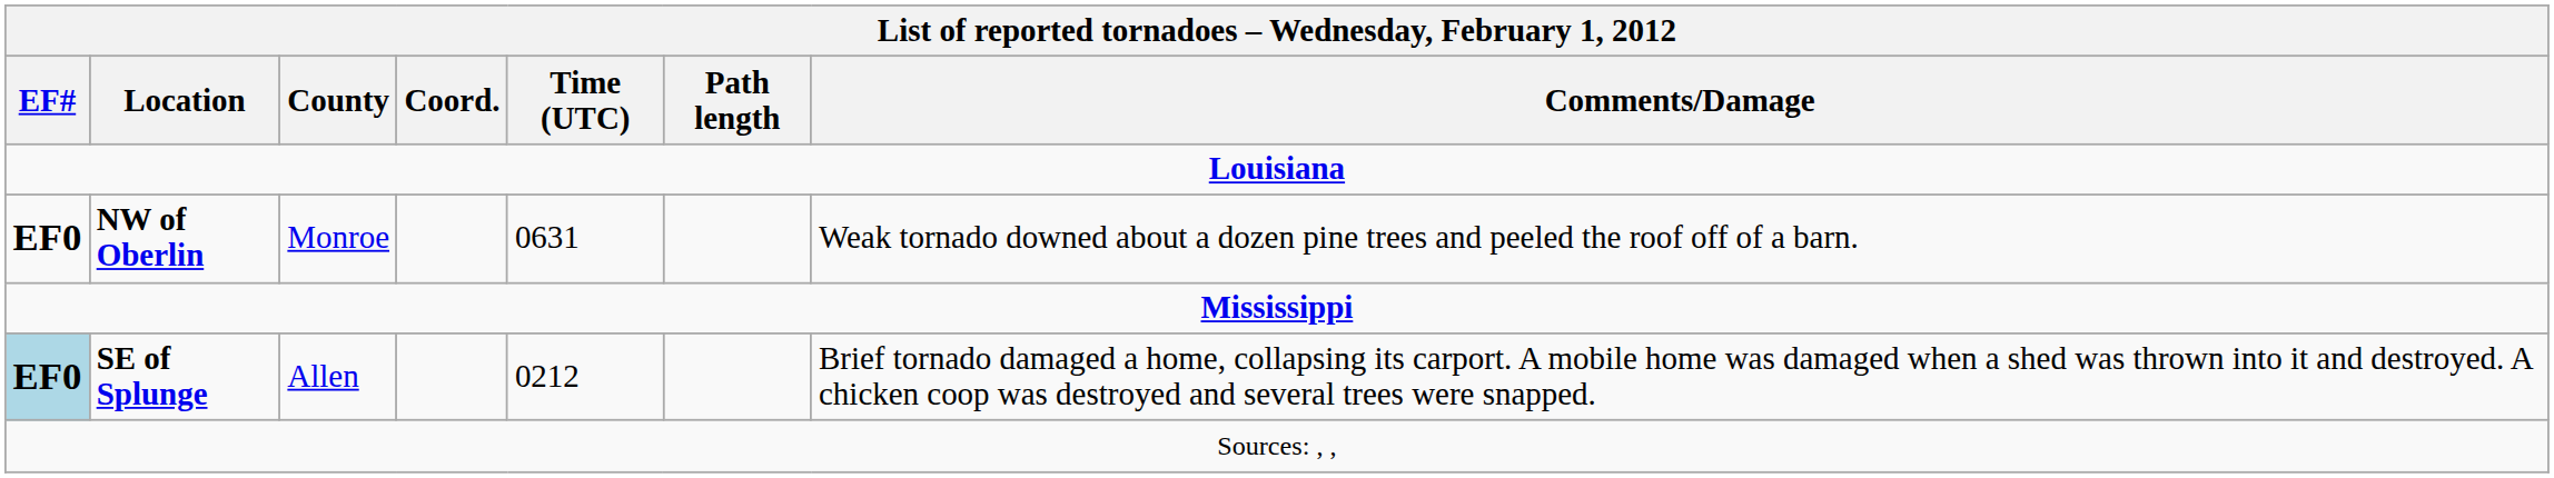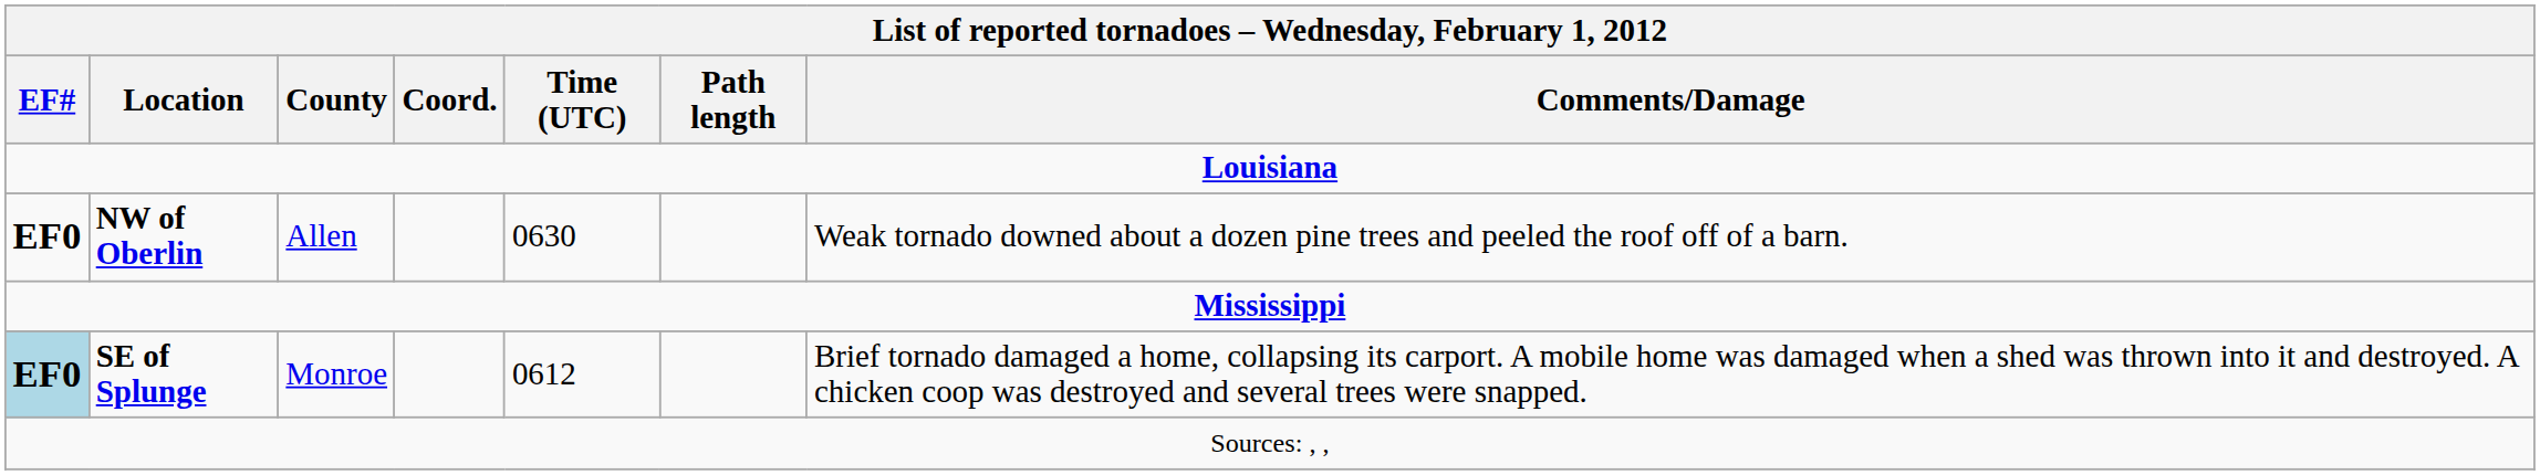 <table class="wikitable collapsible" style="width:100%;">
 <tr>
 <th colspan="7">List of reported tornadoes – Wednesday, February 1, 2012</th>
 </tr>
 <tr>
 <th><a href='#'>EF#</a></th>
 <th>Location</th>
 <th>County</th>
 <th>Coord.</th>
 <th>Time (UTC)</th>
 <th>Path length</th>
 <th>Comments/Damage</th>
 </tr>
 <tr>
 <td colspan="7" style="text-align:center;"><strong><a href='#'>Louisiana</a></strong></td>
 </tr>
 <tr>
 <td><big><strong>EF0</strong></big></td>
 <td><strong>NW of <a href='#'>Oberlin</a></strong></td>
-<td><a href='#'>Monroe</a></td>
+<td><a href='#'>Allen</a></td>
 <td></td>
-<td>0631</td>
+<td>0630</td>
 <td></td>
 <td>Weak tornado downed about a dozen pine trees and peeled the roof off of a barn.</td>
 </tr>
 <tr>
 <td colspan="7" style="text-align:center;"><strong><a href='#'>Mississippi</a></strong></td>
 </tr>
 <tr>
 <td style="background: lightblue;"><big><strong>EF0</strong></big></td>
 <td><strong> SE of <a href='#'>Splunge</a></strong></td>
-<td><a href='#'>Allen</a></td>
+<td><a href='#'>Monroe</a></td>
 <td></td>
-<td>0212</td>
+<td>0612</td>
 <td></td>
 <td>Brief tornado damaged a home, collapsing its carport. A mobile home was damaged when a shed was thrown into it and destroyed. A chicken coop was destroyed and several trees were snapped.</td>
 </tr>
 <tr>
 <td colspan="7" style="text-align:center;"><small>Sources: , , </small></td>
 </tr>
 </table>
